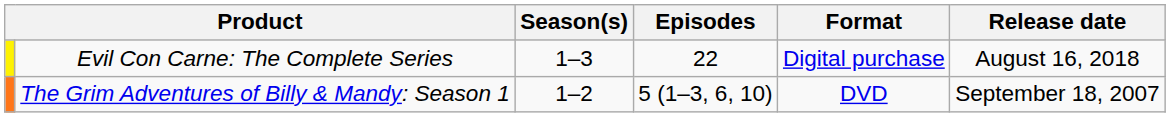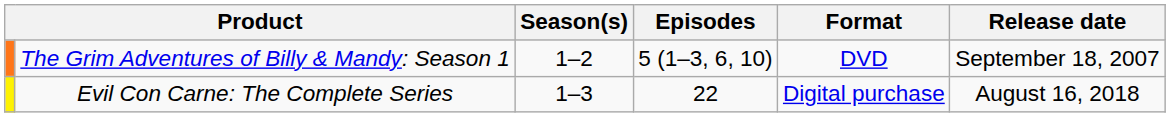 <table class="wikitable" style="text-align: center">
 <tr>
 <th colspan=2>Product</th>
 <th>Season(s)</th>
 <th>Episodes</th>
 <th>Format</th>
 <th>Release date</th>
 </tr>
 <tr>
+<td style="background:#FF7518"></td>
+<td><em><a href='#'>The Grim Adventures of Billy & Mandy</a>: Season 1</em></td>
+<td>1–2</td>
+<td>5 (1–3, 6, 10)</td>
+<td><a href='#'>DVD</a></td>
+<td>September 18, 2007</td>
+</tr>
+<tr>
 <td style="background:#fef200"></td>
 <td><em>Evil Con Carne: The Complete Series</em></td>
 <td>1–3</td>
 <td>22</td>
 <td><a href='#'>Digital purchase</a></td>
 <td>August 16, 2018</td>
 </tr>
-<tr>
-<td style="background:#FF7518"></td>
-<td><em><a href='#'>The Grim Adventures of Billy & Mandy</a>: Season 1</em></td>
-<td>1–2</td>
-<td>5 (1–3, 6, 10)</td>
-<td><a href='#'>DVD</a></td>
-<td>September 18, 2007</td>
-</tr>
 </table>
